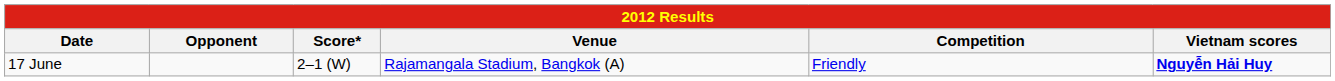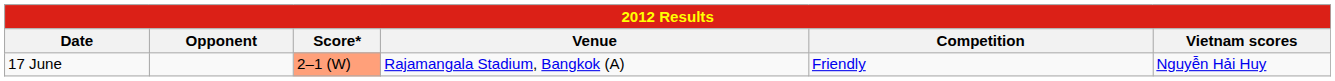 <table class="wikitable" width=100% style="text-align:left;font-size:90%;">
 <tr>
 <th colspan=9 style="background: #DB2017; color: #FFFF00;">2012 Results</th>
 </tr>
 <tr>
 <th width=80>Date</th>
 <th width=80>Opponent</th>
 <th width=20>Score*</th>
 <th width=250>Venue</th>
 <th width=200>Competition</th>
 <th width=100>Vietnam scores</th>
 </tr>
 <tr>
 <td>17 June</td>
 <td></td>
-<td>2–1 (W)</td>
+<td style="background: lightsalmon;">2–1 (W)</td>
 <td><a href='#'>Rajamangala Stadium</a>, <a href='#'>Bangkok</a> (A)</td>
 <td><a href='#'>Friendly</a></td>
-<td><strong><a href='#'>Nguyễn Hải Huy</a> </strong></td>
+<td><a href='#'>Nguyễn Hải Huy</a> </td>
 </tr>
 </table>
